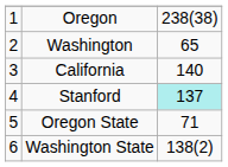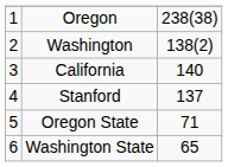 <table class="wikitable" style="display: inline-table;">
 <tr align="center">
 </tr>
 <tr align="center">
 <td>1</td>
 <td>Oregon</td>
 <td>238(38)</td>
 </tr>
 <tr align="center">
 <td>2</td>
 <td>Washington</td>
-<td>65</td>
+<td>138(2)</td>
 </tr>
 <tr align="center">
 <td>3</td>
 <td>California</td>
 <td>140</td>
 </tr>
 <tr align="center">
 <td>4</td>
 <td>Stanford</td>
-<td style="background: paleturquoise;">137</td>
+<td>137</td>
 </tr>
 <tr align="center">
 <td>5</td>
 <td>Oregon State</td>
 <td>71</td>
 </tr>
 <tr align="center">
 <td>6</td>
 <td>Washington State</td>
-<td>138(2)</td>
+<td>65</td>
 </tr>
 </table>
